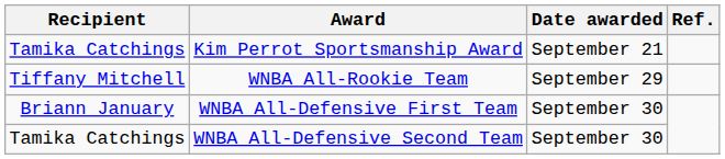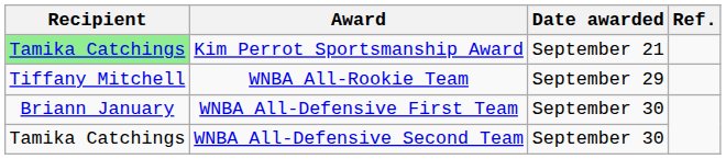 <table class="wikitable sortable sortable" style="text-align: center">
 <tr>
 <th>Recipient</th>
 <th>Award</th>
 <th>Date awarded</th>
 <th>Ref.</th>
 </tr>
 <tr>
-<td><a href='#'>Tamika Catchings</a></td>
+<td style="background: lightgreen;"><a href='#'>Tamika Catchings</a></td>
 <td><a href='#'>Kim Perrot Sportsmanship Award</a></td>
 <td>September 21</td>
 <td></td>
 </tr>
 <tr>
 <td><a href='#'>Tiffany Mitchell</a></td>
 <td><a href='#'>WNBA All-Rookie Team</a></td>
 <td>September 29</td>
 <td></td>
 </tr>
 <tr>
 <td><a href='#'>Briann January</a></td>
 <td><a href='#'>WNBA All-Defensive First Team</a></td>
 <td>September 30</td>
 <td rowspan=2></td>
 </tr>
 <tr>
 <td>Tamika Catchings</td>
 <td><a href='#'>WNBA All-Defensive Second Team</a></td>
 <td>September 30</td>
 </tr>
 </table>
